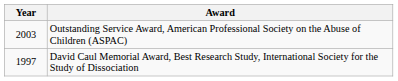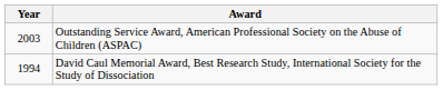 <table class = "wikitable">
 <tr>
 <th style="width:10%;">Year</th>
 <th style="width:80%;">Award</th>
 </tr>
 <tr>
 <td style="text-align:center;">2003</td>
 <td>Outstanding Service Award, American Professional Society on the Abuse of Children (ASPAC) </td>
 </tr>
 <tr>
-<td style="text-align:center;">1997</td>
+<td style="text-align:center;">1994</td>
 <td>David Caul Memorial Award, Best Research Study, International Society for the Study of Dissociation </td>
 </tr>
 </table>
